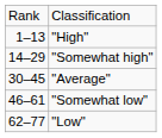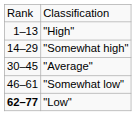 <table class="wikitable"---valign=top>
 <tr>
 <td>Rank</td>
 <td>Classification</td>
 </tr>
 <tr>
 <td>  1–13</td>
 <td>"High"</td>
 </tr>
 <tr>
 <td>14–29</td>
 <td>"Somewhat high"</td>
 </tr>
 <tr>
 <td>30–45</td>
 <td>"Average"</td>
 </tr>
 <tr>
 <td>46–61</td>
 <td>"Somewhat low"</td>
 </tr>
 <tr>
-<td>62–77</td>
+<td><strong>62–77</strong></td>
 <td>"Low"</td>
 </tr>
 </table>
